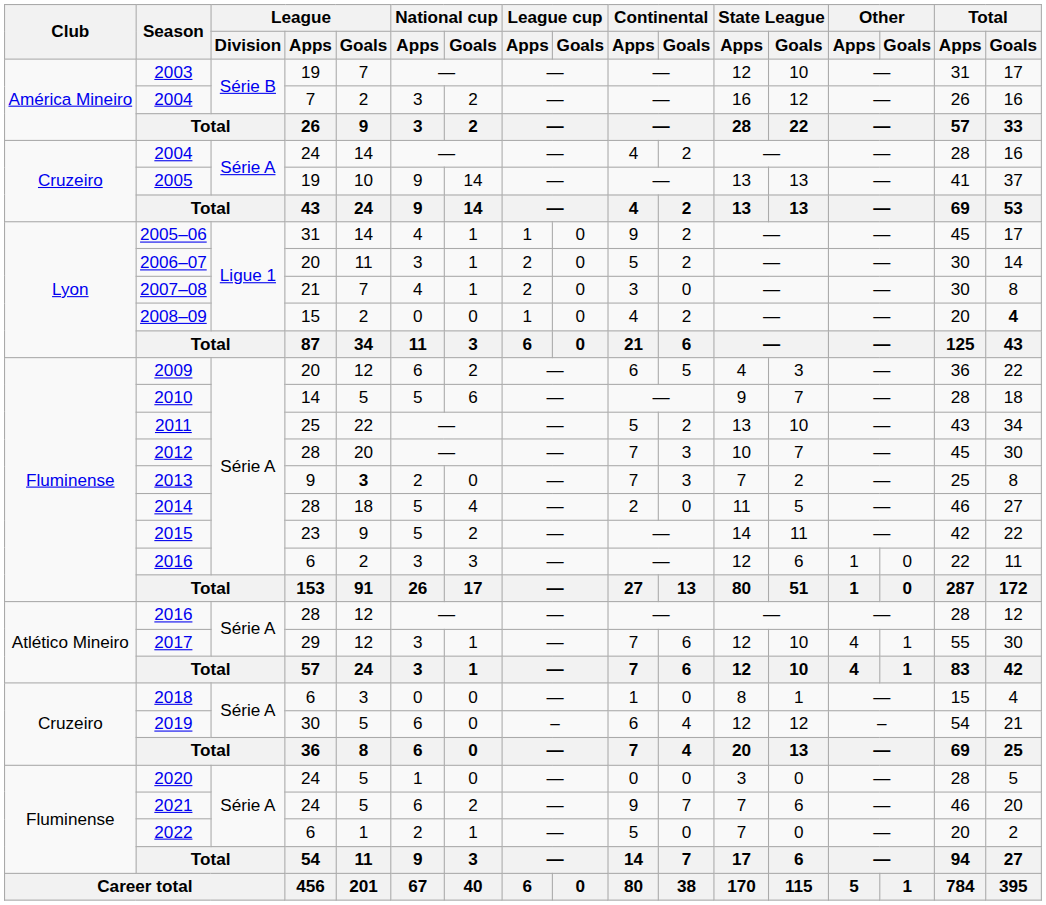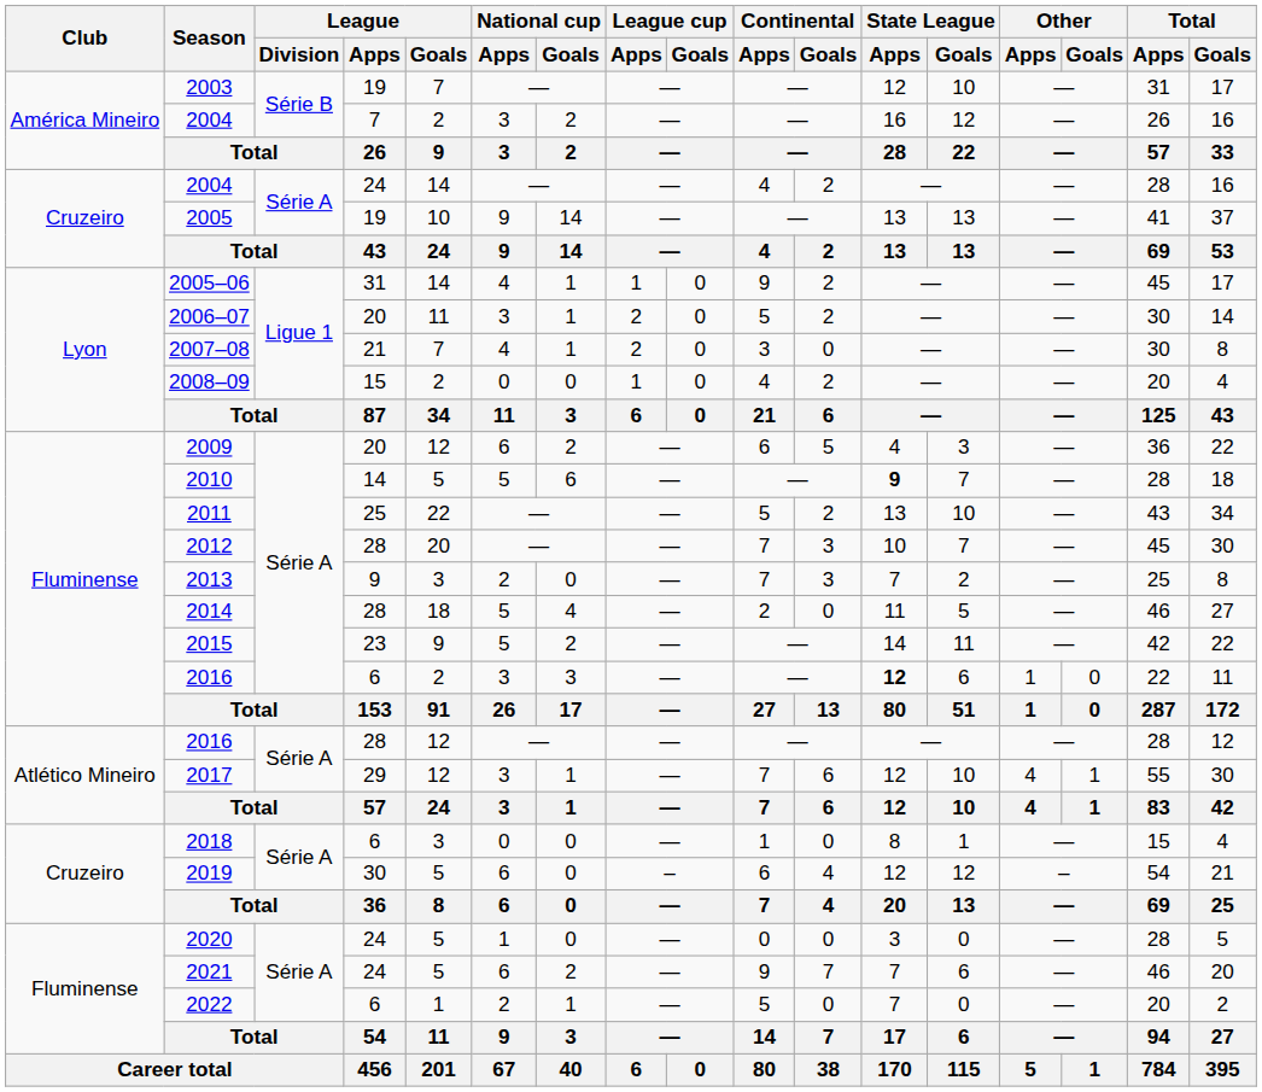 <table class="wikitable" style="text-align:center">
 <tr>
 <th rowspan="2">Club</th>
 <th rowspan="2">Season</th>
 <th colspan="3">League</th>
 <th colspan="2">National cup</th>
 <th colspan="2">League cup</th>
 <th colspan="2">Continental</th>
 <th colspan="2">State League</th>
 <th colspan="2">Other</th>
 <th colspan="2">Total</th>
 </tr>
 <tr>
 <th>Division</th>
 <th>Apps</th>
 <th>Goals</th>
 <th>Apps</th>
 <th>Goals</th>
 <th>Apps</th>
 <th>Goals</th>
 <th>Apps</th>
 <th>Goals</th>
 <th>Apps</th>
 <th>Goals</th>
 <th>Apps</th>
 <th>Goals</th>
 <th>Apps</th>
 <th>Goals</th>
 </tr>
 <tr>
 <td rowspan="3"><a href='#'>América Mineiro</a></td>
 <td><a href='#'>2003</a></td>
 <td rowspan="2"><a href='#'>Série B</a></td>
 <td>19</td>
 <td>7</td>
 <td colspan="2">—</td>
 <td colspan="2">—</td>
 <td colspan="2">—</td>
 <td>12</td>
 <td>10</td>
 <td colspan="2">—</td>
 <td>31</td>
 <td>17</td>
 </tr>
 <tr>
 <td><a href='#'>2004</a></td>
 <td>7</td>
 <td>2</td>
 <td>3</td>
 <td>2</td>
 <td colspan="2">—</td>
 <td colspan="2">—</td>
 <td>16</td>
 <td>12</td>
 <td colspan="2">—</td>
 <td>26</td>
 <td>16</td>
 </tr>
 <tr>
 <th colspan="2">Total</th>
 <th>26</th>
 <th>9</th>
 <th>3</th>
 <th>2</th>
 <th colspan="2">—</th>
 <th colspan="2">—</th>
 <th>28</th>
 <th>22</th>
 <th colspan="2">—</th>
 <th>57</th>
 <th>33</th>
 </tr>
 <tr>
 <td rowspan="3"><a href='#'>Cruzeiro</a></td>
 <td><a href='#'>2004</a></td>
 <td rowspan="2"><a href='#'>Série A</a></td>
 <td>24</td>
 <td>14</td>
 <td colspan="2">—</td>
 <td colspan="2">—</td>
 <td>4</td>
 <td>2</td>
 <td colspan="2">—</td>
 <td colspan="2">—</td>
 <td>28</td>
 <td>16</td>
 </tr>
 <tr>
 <td><a href='#'>2005</a></td>
 <td>19</td>
 <td>10</td>
 <td>9</td>
 <td>14</td>
 <td colspan="2">—</td>
 <td colspan="2">—</td>
 <td>13</td>
 <td>13</td>
 <td colspan="2">—</td>
 <td>41</td>
 <td>37</td>
 </tr>
 <tr>
 <th colspan="2">Total</th>
 <th>43</th>
 <th>24</th>
 <th>9</th>
 <th>14</th>
 <th colspan="2">—</th>
 <th>4</th>
 <th>2</th>
 <th>13</th>
 <th>13</th>
 <th colspan="2">—</th>
 <th>69</th>
 <th>53</th>
 </tr>
 <tr>
 <td rowspan="5"><a href='#'>Lyon</a></td>
 <td><a href='#'>2005–06</a></td>
 <td rowspan="4"><a href='#'>Ligue 1</a></td>
 <td>31</td>
 <td>14</td>
 <td>4</td>
 <td>1</td>
 <td>1</td>
 <td>0</td>
 <td>9</td>
 <td>2</td>
 <td colspan="2">—</td>
 <td colspan="2">—</td>
 <td>45</td>
 <td>17</td>
 </tr>
 <tr>
 <td><a href='#'>2006–07</a></td>
 <td>20</td>
 <td>11</td>
 <td>3</td>
 <td>1</td>
 <td>2</td>
 <td>0</td>
 <td>5</td>
 <td>2</td>
 <td colspan="2">—</td>
 <td colspan="2">—</td>
 <td>30</td>
 <td>14</td>
 </tr>
 <tr>
 <td><a href='#'>2007–08</a></td>
 <td>21</td>
 <td>7</td>
 <td>4</td>
 <td>1</td>
 <td>2</td>
 <td>0</td>
 <td>3</td>
 <td>0</td>
 <td colspan="2">—</td>
 <td colspan="2">—</td>
 <td>30</td>
 <td>8</td>
 </tr>
 <tr>
 <td><a href='#'>2008–09</a></td>
 <td>15</td>
 <td>2</td>
 <td>0</td>
 <td>0</td>
 <td>1</td>
 <td>0</td>
 <td>4</td>
 <td>2</td>
 <td colspan="2">—</td>
 <td colspan="2">—</td>
 <td>20</td>
-<td><strong>4</strong></td>
+<td>4</td>
 </tr>
 <tr>
 <th colspan="2">Total</th>
 <th>87</th>
 <th>34</th>
 <th>11</th>
 <th>3</th>
 <th>6</th>
 <th>0</th>
 <th>21</th>
 <th>6</th>
 <th colspan="2">—</th>
 <th colspan="2">—</th>
 <th>125</th>
 <th>43</th>
 </tr>
 <tr>
 <td rowspan="9"><a href='#'>Fluminense</a></td>
 <td><a href='#'>2009</a></td>
 <td rowspan="8">Série A</td>
 <td>20</td>
 <td>12</td>
 <td>6</td>
 <td>2</td>
 <td colspan="2">—</td>
 <td>6</td>
 <td>5</td>
 <td>4</td>
 <td>3</td>
 <td colspan="2">—</td>
 <td>36</td>
 <td>22</td>
 </tr>
 <tr>
 <td><a href='#'>2010</a></td>
 <td>14</td>
 <td>5</td>
 <td>5</td>
 <td>6</td>
 <td colspan="2">—</td>
 <td colspan="2">—</td>
-<td>9</td>
+<td><strong>9</strong></td>
 <td>7</td>
 <td colspan="2">—</td>
 <td>28</td>
 <td>18</td>
 </tr>
 <tr>
 <td><a href='#'>2011</a></td>
 <td>25</td>
 <td>22</td>
 <td colspan="2">—</td>
 <td colspan="2">—</td>
 <td>5</td>
 <td>2</td>
 <td>13</td>
 <td>10</td>
 <td colspan="2">—</td>
 <td>43</td>
 <td>34</td>
 </tr>
 <tr>
 <td><a href='#'>2012</a></td>
 <td>28</td>
 <td>20</td>
 <td colspan="2">—</td>
 <td colspan="2">—</td>
 <td>7</td>
 <td>3</td>
 <td>10</td>
 <td>7</td>
 <td colspan="2">—</td>
 <td>45</td>
 <td>30</td>
 </tr>
 <tr>
 <td><a href='#'>2013</a></td>
 <td>9</td>
-<td><strong>3</strong></td>
+<td>3</td>
 <td>2</td>
 <td>0</td>
 <td colspan="2">—</td>
 <td>7</td>
 <td>3</td>
 <td>7</td>
 <td>2</td>
 <td colspan="2">—</td>
 <td>25</td>
 <td>8</td>
 </tr>
 <tr>
 <td><a href='#'>2014</a></td>
 <td>28</td>
 <td>18</td>
 <td>5</td>
 <td>4</td>
 <td colspan="2">—</td>
 <td>2</td>
 <td>0</td>
 <td>11</td>
 <td>5</td>
 <td colspan="2">—</td>
 <td>46</td>
 <td>27</td>
 </tr>
 <tr>
 <td><a href='#'>2015</a></td>
 <td>23</td>
 <td>9</td>
 <td>5</td>
 <td>2</td>
 <td colspan="2">—</td>
 <td colspan="2">—</td>
 <td>14</td>
 <td>11</td>
 <td colspan="2">—</td>
 <td>42</td>
 <td>22</td>
 </tr>
 <tr>
 <td><a href='#'>2016</a></td>
 <td>6</td>
 <td>2</td>
 <td>3</td>
 <td>3</td>
 <td colspan="2">—</td>
 <td colspan="2">—</td>
-<td>12</td>
+<td><strong>12</strong></td>
 <td>6</td>
 <td>1</td>
 <td>0</td>
 <td>22</td>
 <td>11</td>
 </tr>
 <tr>
 <th colspan="2">Total</th>
 <th>153</th>
 <th>91</th>
 <th>26</th>
 <th>17</th>
 <th colspan="2">—</th>
 <th>27</th>
 <th>13</th>
 <th>80</th>
 <th>51</th>
 <th>1</th>
 <th>0</th>
 <th>287</th>
 <th>172</th>
 </tr>
 <tr>
 <td rowspan="3">Atlético Mineiro</td>
 <td><a href='#'>2016</a></td>
 <td rowspan="2">Série A</td>
 <td>28</td>
 <td>12</td>
 <td colspan="2">—</td>
 <td colspan="2">—</td>
 <td colspan="2">—</td>
 <td colspan="2">—</td>
 <td colspan="2">—</td>
 <td>28</td>
 <td>12</td>
 </tr>
 <tr>
 <td><a href='#'>2017</a></td>
 <td>29</td>
 <td>12</td>
 <td>3</td>
 <td>1</td>
 <td colspan="2">—</td>
 <td>7</td>
 <td>6</td>
 <td>12</td>
 <td>10</td>
 <td>4</td>
 <td>1</td>
 <td>55</td>
 <td>30</td>
 </tr>
 <tr>
 <th colspan="2">Total</th>
 <th>57</th>
 <th>24</th>
 <th>3</th>
 <th>1</th>
 <th colspan="2">—</th>
 <th>7</th>
 <th>6</th>
 <th>12</th>
 <th>10</th>
 <th>4</th>
 <th>1</th>
 <th>83</th>
 <th>42</th>
 </tr>
 <tr>
 <td rowspan="3">Cruzeiro</td>
 <td><a href='#'>2018</a></td>
 <td rowspan="2">Série A</td>
 <td>6</td>
 <td>3</td>
 <td>0</td>
 <td>0</td>
 <td colspan="2">—</td>
 <td>1</td>
 <td>0</td>
 <td>8</td>
 <td>1</td>
 <td colspan="2">—</td>
 <td>15</td>
 <td>4</td>
 </tr>
 <tr>
 <td><a href='#'>2019</a></td>
 <td>30</td>
 <td>5</td>
 <td>6</td>
 <td>0</td>
 <td colspan="2">–</td>
 <td>6</td>
 <td>4</td>
 <td>12</td>
 <td>12</td>
 <td colspan="2">–</td>
 <td>54</td>
 <td>21</td>
 </tr>
 <tr>
 <th colspan="2">Total</th>
 <th>36</th>
 <th>8</th>
 <th>6</th>
 <th>0</th>
 <th colspan="2">—</th>
 <th>7</th>
 <th>4</th>
 <th>20</th>
 <th>13</th>
 <th colspan="2">—</th>
 <th>69</th>
 <th>25</th>
 </tr>
 <tr>
 <td rowspan="4">Fluminense</td>
 <td><a href='#'>2020</a></td>
 <td rowspan="3">Série A</td>
 <td>24</td>
 <td>5</td>
 <td>1</td>
 <td>0</td>
 <td colspan="2">—</td>
 <td>0</td>
 <td>0</td>
 <td>3</td>
 <td>0</td>
 <td colspan="2">—</td>
 <td>28</td>
 <td>5</td>
 </tr>
 <tr>
 <td><a href='#'>2021</a></td>
 <td>24</td>
 <td>5</td>
 <td>6</td>
 <td>2</td>
 <td colspan="2">—</td>
 <td>9</td>
 <td>7</td>
 <td>7</td>
 <td>6</td>
 <td colspan="2">—</td>
 <td>46</td>
 <td>20</td>
 </tr>
 <tr>
 <td><a href='#'>2022</a></td>
 <td>6</td>
 <td>1</td>
 <td>2</td>
 <td>1</td>
 <td colspan="2">—</td>
 <td>5</td>
 <td>0</td>
 <td>7</td>
 <td>0</td>
 <td colspan="2">—</td>
 <td>20</td>
 <td>2</td>
 </tr>
 <tr>
 <th colspan="2">Total</th>
 <th>54</th>
 <th>11</th>
 <th>9</th>
 <th>3</th>
 <th colspan="2">—</th>
 <th>14</th>
 <th>7</th>
 <th>17</th>
 <th>6</th>
 <th colspan="2">—</th>
 <th>94</th>
 <th>27</th>
 </tr>
 <tr>
 <th colspan="3">Career total</th>
 <th>456</th>
 <th>201</th>
 <th>67</th>
 <th>40</th>
 <th>6</th>
 <th>0</th>
 <th>80</th>
 <th>38</th>
 <th>170</th>
 <th>115</th>
 <th>5</th>
 <th>1</th>
 <th>784</th>
 <th>395</th>
 </tr>
 </table>
